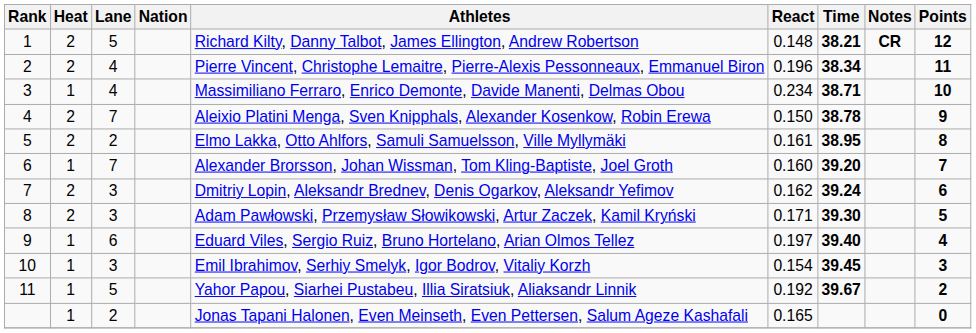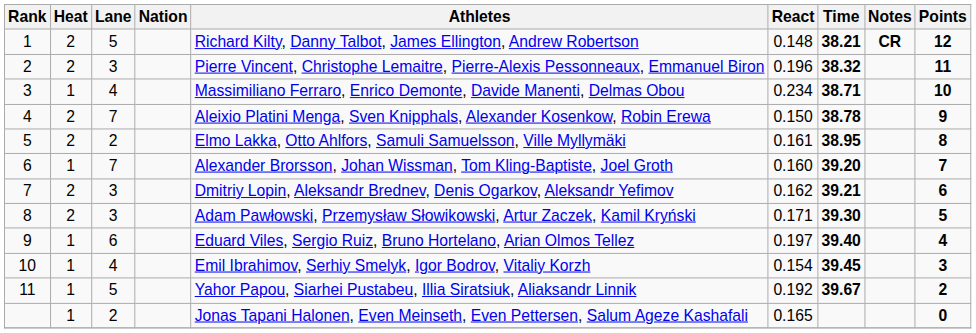 <table class="wikitable sortable" style="text-align:center">
 <tr>
 <th>Rank</th>
 <th>Heat</th>
 <th>Lane</th>
 <th>Nation</th>
 <th>Athletes</th>
 <th>React</th>
 <th>Time</th>
 <th>Notes</th>
 <th>Points</th>
 </tr>
 <tr>
 <td>1</td>
 <td>2</td>
 <td>5</td>
 <td align=left></td>
 <td align=left><a href='#'>Richard Kilty</a>, <a href='#'>Danny Talbot</a>, <a href='#'>James Ellington</a>, <a href='#'>Andrew Robertson</a></td>
 <td>0.148</td>
 <td><strong>38.21</strong></td>
 <td><strong>CR </strong></td>
 <td><strong>12</strong></td>
 </tr>
 <tr>
 <td>2</td>
 <td>2</td>
-<td>4</td>
+<td>3</td>
 <td align=left></td>
 <td align=left><a href='#'>Pierre Vincent</a>, <a href='#'>Christophe Lemaitre</a>, <a href='#'>Pierre-Alexis Pessonneaux</a>, <a href='#'>Emmanuel Biron</a></td>
 <td>0.196</td>
-<td><strong>38.34</strong></td>
+<td><strong>38.32</strong></td>
 <td></td>
 <td><strong>11</strong></td>
 </tr>
 <tr>
 <td>3</td>
 <td>1</td>
 <td>4</td>
 <td align=left></td>
 <td align=left><a href='#'>Massimiliano Ferraro</a>, <a href='#'>Enrico Demonte</a>, <a href='#'>Davide Manenti</a>, <a href='#'>Delmas Obou</a></td>
 <td>0.234</td>
 <td><strong>38.71</strong></td>
 <td></td>
 <td><strong>10</strong></td>
 </tr>
 <tr>
 <td>4</td>
 <td>2</td>
 <td>7</td>
 <td align=left></td>
 <td align=left><a href='#'>Aleixio Platini Menga</a>, <a href='#'>Sven Knipphals</a>, <a href='#'>Alexander Kosenkow</a>, <a href='#'>Robin Erewa</a></td>
 <td>0.150</td>
 <td><strong>38.78</strong></td>
 <td></td>
 <td><strong>9</strong></td>
 </tr>
 <tr>
 <td>5</td>
 <td>2</td>
 <td>2</td>
 <td align=left></td>
 <td align=left><a href='#'>Elmo Lakka</a>, <a href='#'>Otto Ahlfors</a>, <a href='#'>Samuli Samuelsson</a>, <a href='#'>Ville Myllymäki</a></td>
 <td>0.161</td>
 <td><strong>38.95</strong></td>
 <td></td>
 <td><strong>8</strong></td>
 </tr>
 <tr>
 <td>6</td>
 <td>1</td>
 <td>7</td>
 <td align=left></td>
 <td align=left><a href='#'>Alexander Brorsson</a>, <a href='#'>Johan Wissman</a>, <a href='#'>Tom Kling-Baptiste</a>, <a href='#'>Joel Groth</a></td>
 <td>0.160</td>
 <td><strong>39.20</strong></td>
 <td></td>
 <td><strong>7</strong></td>
 </tr>
 <tr>
 <td>7</td>
 <td>2</td>
 <td>3</td>
 <td align=left></td>
 <td align=left><a href='#'>Dmitriy Lopin</a>, <a href='#'>Aleksandr Brednev</a>, <a href='#'>Denis Ogarkov</a>, <a href='#'>Aleksandr Yefimov</a></td>
 <td>0.162</td>
-<td><strong>39.24</strong></td>
+<td><strong>39.21</strong></td>
 <td></td>
 <td><strong>6</strong></td>
 </tr>
 <tr>
 <td>8</td>
 <td>2</td>
 <td>3</td>
 <td align=left></td>
 <td align=left><a href='#'>Adam Pawłowski</a>, <a href='#'>Przemysław Słowikowski</a>, <a href='#'>Artur Zaczek</a>, <a href='#'>Kamil Kryński</a></td>
 <td>0.171</td>
 <td><strong>39.30</strong></td>
 <td></td>
 <td><strong>5</strong></td>
 </tr>
 <tr>
 <td>9</td>
 <td>1</td>
 <td>6</td>
 <td align=left></td>
 <td align=left><a href='#'>Eduard Viles</a>, <a href='#'>Sergio Ruiz</a>, <a href='#'>Bruno Hortelano</a>, <a href='#'>Arian Olmos Tellez</a></td>
 <td>0.197</td>
 <td><strong>39.40</strong></td>
 <td></td>
 <td><strong>4</strong></td>
 </tr>
 <tr>
 <td>10</td>
 <td>1</td>
-<td>3</td>
+<td>4</td>
 <td align=left></td>
 <td align=left><a href='#'>Emil Ibrahimov</a>, <a href='#'>Serhiy Smelyk</a>, <a href='#'>Igor Bodrov</a>, <a href='#'>Vitaliy Korzh</a></td>
 <td>0.154</td>
 <td><strong>39.45</strong></td>
 <td></td>
 <td><strong>3</strong></td>
 </tr>
 <tr>
 <td>11</td>
 <td>1</td>
 <td>5</td>
 <td align=left></td>
 <td align=left><a href='#'>Yahor Papou</a>, <a href='#'>Siarhei Pustabeu</a>, <a href='#'>Illia Siratsiuk</a>, <a href='#'>Aliaksandr Linnik</a></td>
 <td>0.192</td>
 <td><strong>39.67</strong></td>
 <td></td>
 <td><strong>2</strong></td>
 </tr>
 <tr>
 <td></td>
 <td>1</td>
 <td>2</td>
 <td align=left></td>
 <td align=left><a href='#'>Jonas Tapani Halonen</a>, <a href='#'>Even Meinseth</a>, <a href='#'>Even Pettersen</a>, <a href='#'>Salum Ageze Kashafali</a></td>
 <td>0.165</td>
 <td><strong></strong></td>
 <td></td>
 <td><strong>0</strong></td>
 </tr>
 <tr>
 </tr>
 </table>
